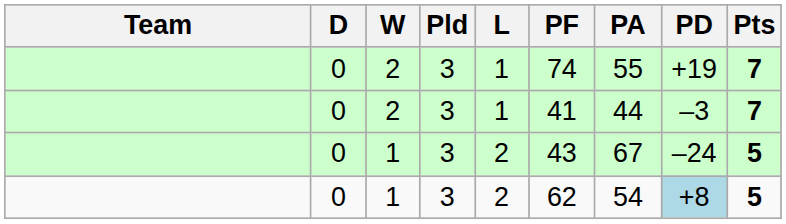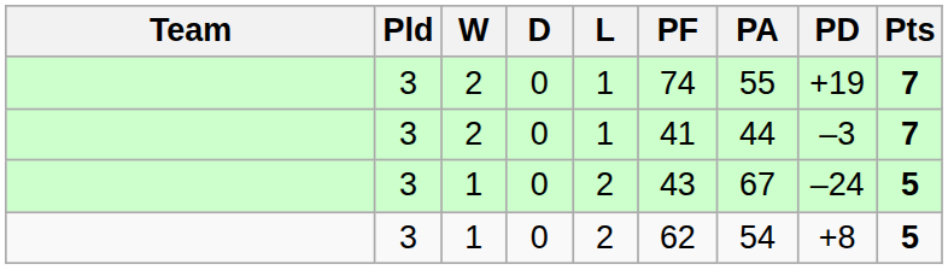 <table class="wikitable" style="text-align:center;">
 <tr>
 <th width=175>Team</th>
+<th width=25 abbr="Played">Pld</th>
+<th width=25 abbr="Won">W</th>
 <th width=25 abbr="Drawn">D</th>
-<th width=25 abbr="Won">W</th>
-<th width=25 abbr="Played">Pld</th>
 <th width=25 abbr="Lost">L</th>
 <th width=32 abbr="Points for">PF</th>
 <th width=32 abbr="Points against">PA</th>
 <th width=32 abbr="Points difference">PD</th>
 <th width=25 abbr="Points">Pts</th>
 </tr>
 <tr bgcolor=ccffcc>
 <td align=left></td>
+<td>3</td>
+<td>2</td>
 <td>0</td>
-<td>2</td>
-<td>3</td>
 <td>1</td>
 <td>74</td>
 <td>55</td>
 <td>+19</td>
 <td><strong>7</strong></td>
 </tr>
 <tr bgcolor=ccffcc>
 <td align=left></td>
+<td>3</td>
+<td>2</td>
 <td>0</td>
-<td>2</td>
-<td>3</td>
 <td>1</td>
 <td>41</td>
 <td>44</td>
 <td>–3</td>
 <td><strong>7</strong></td>
 </tr>
 <tr bgcolor=ccffcc>
 <td align=left></td>
+<td>3</td>
+<td>1</td>
 <td>0</td>
-<td>1</td>
-<td>3</td>
 <td>2</td>
 <td>43</td>
 <td>67</td>
 <td>–24</td>
 <td><strong>5</strong></td>
 </tr>
 <tr>
 <td align=left></td>
+<td>3</td>
+<td>1</td>
 <td>0</td>
-<td>1</td>
-<td>3</td>
 <td>2</td>
 <td>62</td>
 <td>54</td>
-<td style="background: lightblue;">+8</td>
+<td>+8</td>
 <td><strong>5</strong></td>
 </tr>
 </table>
